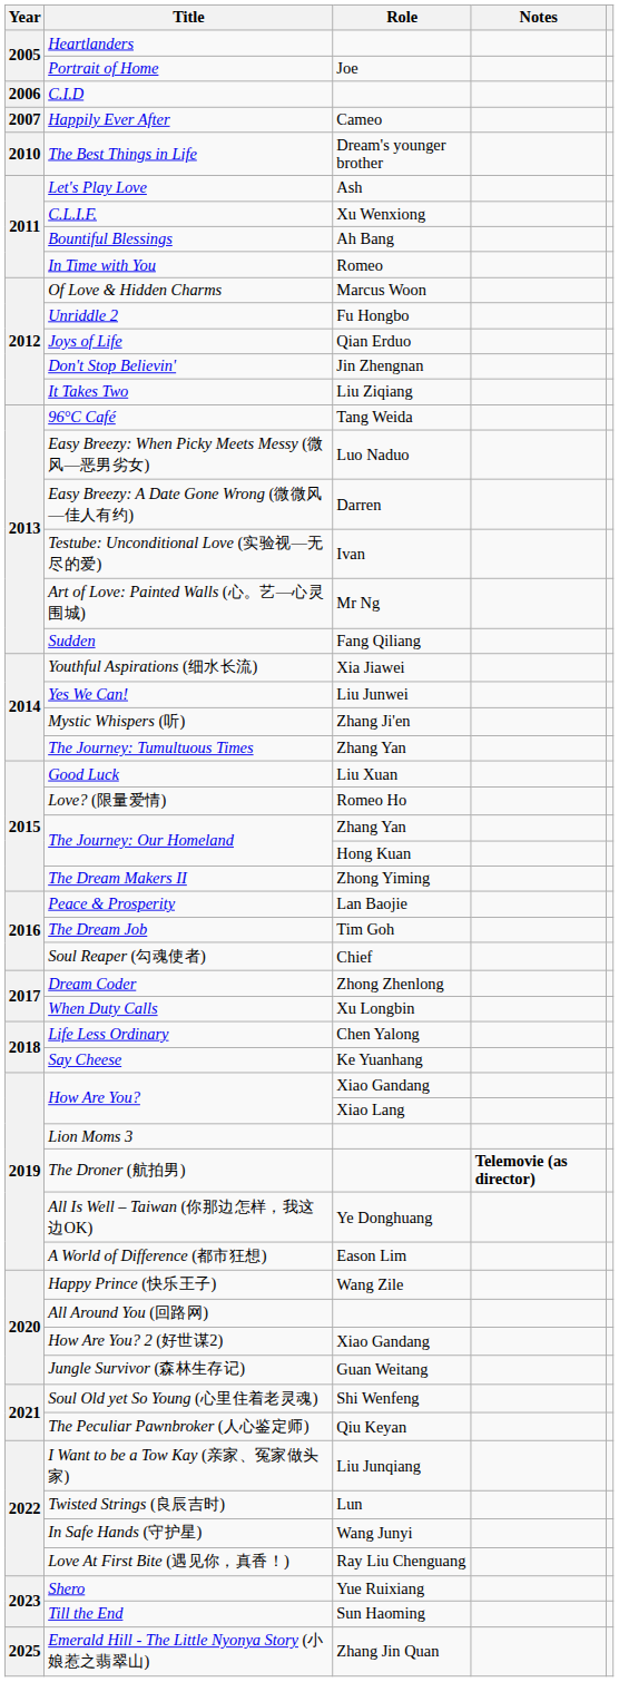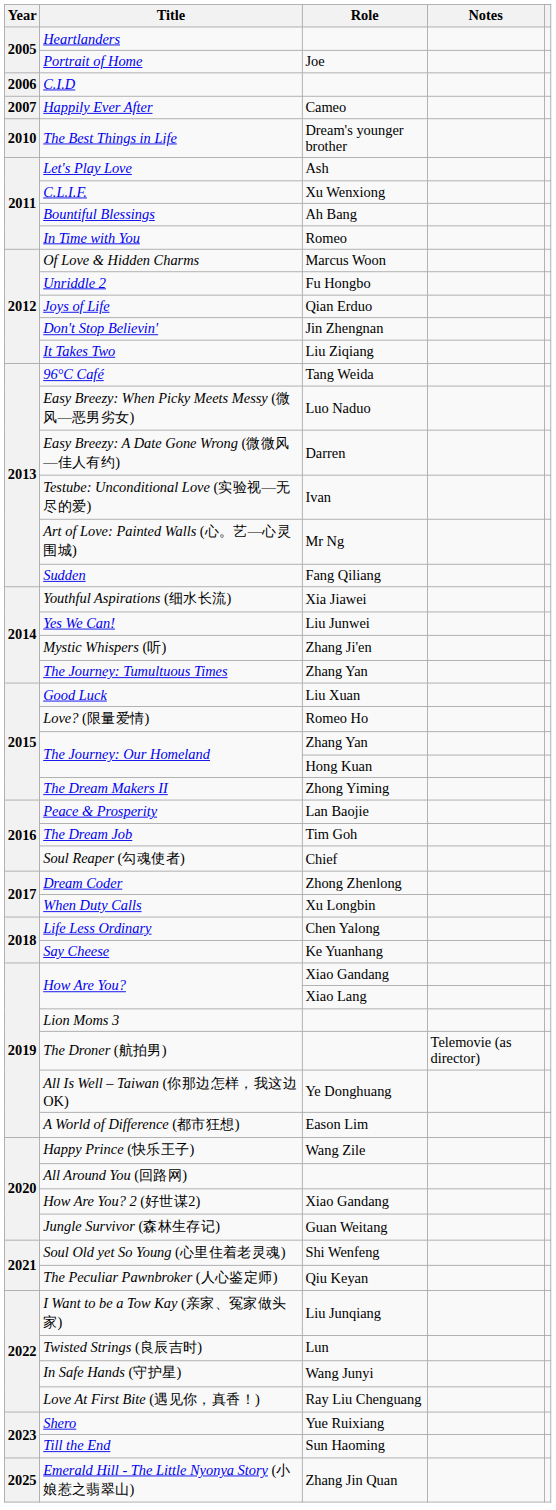 <table class="wikitable sortable plainrowheaders">
 <tr>
 <th scope="col">Year</th>
 <th scope="col">Title</th>
 <th scope="col">Role</th>
 <th scope="col" class="unsortable">Notes</th>
 <th scope="col" class="unsortable"></th>
 </tr>
 <tr>
 <th scope="row" rowspan="2">2005</th>
 <td><em><a href='#'>Heartlanders</a></em></td>
 <td></td>
 <td></td>
 <td></td>
 </tr>
 <tr>
 <td><em><a href='#'>Portrait of Home</a></em></td>
 <td>Joe</td>
 <td></td>
 <td></td>
 </tr>
 <tr>
 <th scope="row">2006</th>
 <td><em><a href='#'>C.I.D</a></em></td>
 <td></td>
 <td></td>
 <td></td>
 </tr>
 <tr>
 <th scope="row">2007</th>
 <td><em><a href='#'>Happily Ever After</a></em></td>
 <td>Cameo</td>
 <td></td>
 <td></td>
 </tr>
 <tr>
 <th scope="row">2010</th>
 <td><em><a href='#'>The Best Things in Life</a></em></td>
 <td>Dream's younger brother</td>
 <td></td>
 <td></td>
 </tr>
 <tr>
 <th scope="row" rowspan="4">2011</th>
 <td><em><a href='#'>Let's Play Love</a></em></td>
 <td>Ash</td>
 <td></td>
 <td></td>
 </tr>
 <tr>
 <td><em><a href='#'>C.L.I.F.</a></em></td>
 <td>Xu Wenxiong</td>
 <td></td>
 <td></td>
 </tr>
 <tr>
 <td><em><a href='#'>Bountiful Blessings</a></em></td>
 <td>Ah Bang</td>
 <td></td>
 <td></td>
 </tr>
 <tr>
 <td><em><a href='#'>In Time with You</a></em></td>
 <td>Romeo</td>
 <td></td>
 <td></td>
 </tr>
 <tr>
 <th scope="row" rowspan="5">2012</th>
 <td><em>Of Love & Hidden Charms</em></td>
 <td>Marcus Woon</td>
 <td></td>
 <td></td>
 </tr>
 <tr>
 <td><em><a href='#'>Unriddle 2</a></em></td>
 <td>Fu Hongbo</td>
 <td></td>
 <td></td>
 </tr>
 <tr>
 <td><em><a href='#'>Joys of Life</a></em></td>
 <td>Qian Erduo</td>
 <td></td>
 <td></td>
 </tr>
 <tr>
 <td><em><a href='#'>Don't Stop Believin'</a></em></td>
 <td>Jin Zhengnan</td>
 <td></td>
 <td></td>
 </tr>
 <tr>
 <td><em><a href='#'>It Takes Two</a></em></td>
 <td>Liu Ziqiang</td>
 <td></td>
 <td></td>
 </tr>
 <tr>
 <th scope="row" rowspan="6">2013</th>
 <td><em><a href='#'>96°C Café</a></em></td>
 <td>Tang Weida</td>
 <td></td>
 <td></td>
 </tr>
 <tr>
 <td><em>Easy Breezy: When Picky Meets Messy</em> (微风—恶男劣女)</td>
 <td>Luo Naduo</td>
 <td></td>
 <td></td>
 </tr>
 <tr>
 <td><em>Easy Breezy: A Date Gone Wrong</em> (微微风—佳人有约)</td>
 <td>Darren</td>
 <td></td>
 <td></td>
 </tr>
 <tr>
 <td><em>Testube: Unconditional Love</em> (实验视—无尽的爱)</td>
 <td>Ivan</td>
 <td></td>
 <td></td>
 </tr>
 <tr>
 <td><em>Art of Love: Painted Walls</em> (心。艺—心灵围城)</td>
 <td>Mr Ng</td>
 <td></td>
 <td></td>
 </tr>
 <tr>
 <td><em><a href='#'>Sudden</a></em></td>
 <td>Fang Qiliang</td>
 <td></td>
 <td></td>
 </tr>
 <tr>
 <th scope="row" rowspan="4">2014</th>
 <td><em>Youthful Aspirations</em> (细水长流)</td>
 <td>Xia Jiawei</td>
 <td></td>
 <td></td>
 </tr>
 <tr>
 <td><em><a href='#'>Yes We Can!</a></em></td>
 <td>Liu Junwei</td>
 <td></td>
 <td></td>
 </tr>
 <tr>
 <td><em>Mystic Whispers</em> (听)</td>
 <td>Zhang Ji'en</td>
 <td></td>
 <td></td>
 </tr>
 <tr>
 <td><em><a href='#'>The Journey: Tumultuous Times</a></em></td>
 <td>Zhang Yan</td>
 <td></td>
 <td></td>
 </tr>
 <tr>
 <th scope="row" rowspan="5">2015</th>
 <td><em><a href='#'>Good Luck</a></em></td>
 <td>Liu Xuan</td>
 <td></td>
 <td></td>
 </tr>
 <tr>
 <td><em>Love?</em> (限量爱情)</td>
 <td>Romeo Ho</td>
 <td></td>
 <td></td>
 </tr>
 <tr>
 <td rowspan="2"><em><a href='#'>The Journey: Our Homeland</a></em></td>
 <td>Zhang Yan</td>
 <td></td>
 <td></td>
 </tr>
 <tr>
 <td>Hong Kuan</td>
 <td></td>
 <td></td>
 </tr>
 <tr>
 <td><em><a href='#'>The Dream Makers II</a></em></td>
 <td>Zhong Yiming</td>
 <td></td>
 <td></td>
 </tr>
 <tr>
 <th scope="row" rowspan="3">2016</th>
 <td><em><a href='#'>Peace & Prosperity</a></em></td>
 <td>Lan Baojie</td>
 <td></td>
 <td></td>
 </tr>
 <tr>
 <td><em><a href='#'>The Dream Job</a></em></td>
 <td>Tim Goh</td>
 <td></td>
 <td></td>
 </tr>
 <tr>
 <td><em>Soul Reaper</em> (勾魂使者)</td>
 <td>Chief</td>
 <td></td>
 <td></td>
 </tr>
 <tr>
 <th scope="row" rowspan="2">2017</th>
 <td><em><a href='#'>Dream Coder</a></em></td>
 <td>Zhong Zhenlong</td>
 <td></td>
 <td></td>
 </tr>
 <tr>
 <td><em> <a href='#'>When Duty Calls</a> </em></td>
 <td>Xu Longbin</td>
 <td></td>
 <td></td>
 </tr>
 <tr>
 <th scope="row" rowspan="2">2018</th>
 <td><em><a href='#'>Life Less Ordinary</a></em></td>
 <td>Chen Yalong</td>
 <td></td>
 <td></td>
 </tr>
 <tr>
 <td><em><a href='#'>Say Cheese</a></em></td>
 <td>Ke Yuanhang</td>
 <td></td>
 <td></td>
 </tr>
 <tr>
 <th scope="row" rowspan="6">2019</th>
 <td rowspan="2"><em><a href='#'>How Are You?</a></em></td>
 <td>Xiao Gandang</td>
 <td></td>
 <td></td>
 </tr>
 <tr>
 <td>Xiao Lang</td>
 <td></td>
 <td></td>
 </tr>
 <tr>
 <td><em>Lion Moms 3</em></td>
 <td></td>
 <td></td>
 <td></td>
 </tr>
 <tr>
 <td><em>The Droner</em>  (航拍男)</td>
 <td></td>
-<td><strong>Telemovie (as director)</strong></td>
+<td>Telemovie (as director)</td>
 <td></td>
 </tr>
 <tr>
 <td><em>All Is Well – Taiwan</em> (你那边怎样，我这边OK)</td>
 <td>Ye Donghuang</td>
 <td></td>
 <td></td>
 </tr>
 <tr>
 <td><em>A World of Difference</em> (都市狂想)</td>
 <td>Eason Lim</td>
 <td></td>
 <td></td>
 </tr>
 <tr>
 <th scope="row" rowspan="4">2020</th>
 <td><em>Happy Prince</em> (快乐王子)</td>
 <td>Wang Zile</td>
 <td></td>
 <td></td>
 </tr>
 <tr>
 <td><em>All Around You</em> (回路网)</td>
 <td></td>
 <td></td>
 <td></td>
 </tr>
 <tr>
 <td><em>How Are You? 2</em> (好世谋2)</td>
 <td>Xiao Gandang</td>
 <td></td>
 <td></td>
 </tr>
 <tr>
 <td><em>Jungle Survivor</em> (森林生存记)</td>
 <td>Guan Weitang</td>
 <td></td>
 <td></td>
 </tr>
 <tr>
 <th scope="row" rowspan="2">2021</th>
 <td><em>Soul Old yet So Young </em> (心里住着老灵魂)</td>
 <td>Shi Wenfeng</td>
 <td></td>
 <td></td>
 </tr>
 <tr>
 <td><em>The Peculiar Pawnbroker</em> (人心鉴定师)</td>
 <td>Qiu Keyan</td>
 <td></td>
 <td></td>
 </tr>
 <tr>
 <th scope="row" rowspan="4">2022</th>
 <td><em>I Want to be a Tow Kay</em> (亲家、冤家做头家)</td>
 <td>Liu Junqiang</td>
 <td></td>
 <td></td>
 </tr>
 <tr>
 <td><em>Twisted Strings</em> (良辰吉时)</td>
 <td>Lun</td>
 <td></td>
 <td></td>
 </tr>
 <tr>
 <td><em>In Safe Hands</em> (守护星)</td>
 <td>Wang Junyi</td>
 <td></td>
 <td></td>
 </tr>
 <tr>
 <td><em>Love At First Bite</em> (遇见你，真香！)</td>
 <td>Ray Liu Chenguang</td>
 <td></td>
 <td></td>
 </tr>
 <tr>
 <th scope="row" rowspan="2">2023</th>
 <td><em><a href='#'>Shero</a></em></td>
 <td>Yue Ruixiang</td>
 <td></td>
 <td></td>
 </tr>
 <tr>
 <td><em><a href='#'>Till the End</a></em></td>
 <td>Sun Haoming</td>
 <td></td>
 <td></td>
 </tr>
 <tr>
 <th scope="row">2025</th>
 <td><em><a href='#'>Emerald Hill - The Little Nyonya Story</a></em>  (小娘惹之翡翠山)</td>
 <td>Zhang Jin Quan</td>
 <td></td>
 <td style="text-align:center"></td>
 </tr>
 </table>
